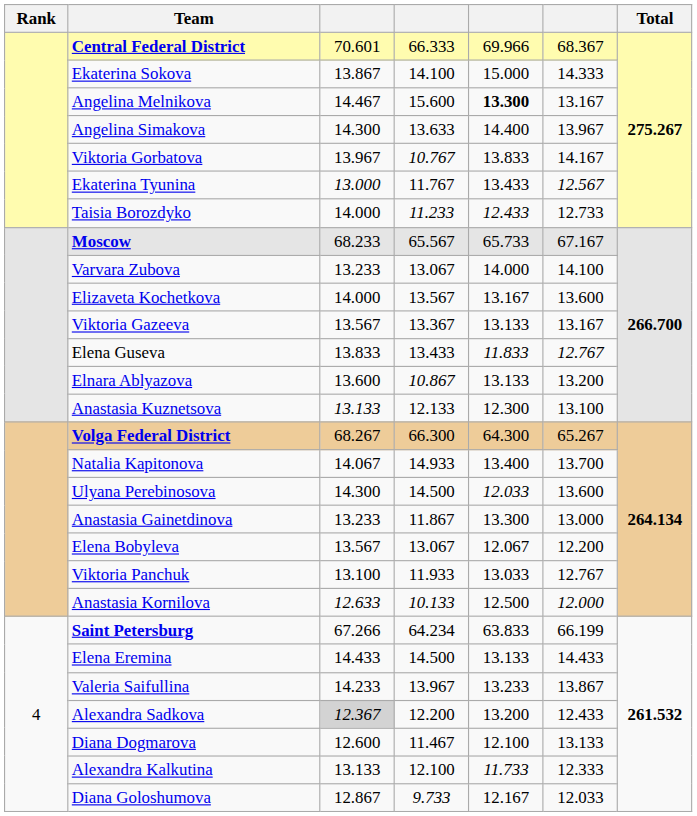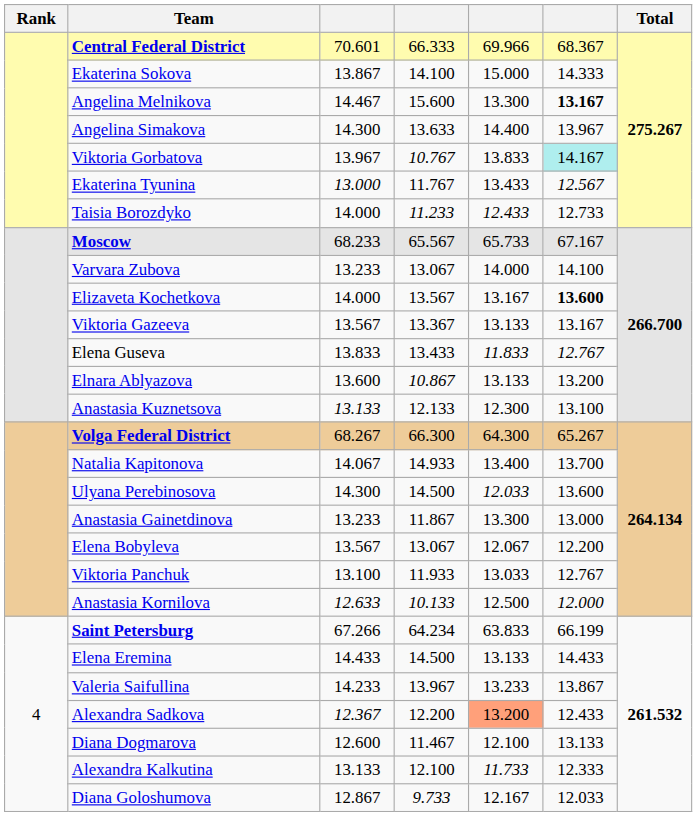 <table class="wikitable" style="text-align:center; font-size:95%">
 <tr>
 <th scope="col" style="width:50px;">Rank</th>
 <th scope="col" style="width:220px;">Team</th>
 <th scope="col" style="width:60px;"></th>
 <th scope="col" style="width:60px;"></th>
 <th scope="col" style="width:60px;"></th>
 <th scope="col" style="width:60px;"></th>
 <th scope="col" style="width:60px;">Total</th>
 </tr>
 <tr style="background:#fffcaf;">
 <td rowspan=7></td>
 <td style="text-align:left;"><strong><a href='#'>Central Federal District</a></strong></td>
 <td>70.601</td>
 <td>66.333</td>
 <td>69.966</td>
 <td>68.367</td>
 <td rowspan=7><strong>275.267</strong></td>
 </tr>
 <tr>
 <td style="text-align:left;"><a href='#'>Ekaterina Sokova</a></td>
 <td>13.867</td>
 <td>14.100</td>
 <td>15.000</td>
 <td>14.333</td>
 </tr>
 <tr>
 <td style="text-align:left;"><a href='#'>Angelina Melnikova</a></td>
 <td>14.467</td>
 <td>15.600</td>
-<td><strong>13.300</strong></td>
-<td>13.167</td>
+<td>13.300</td>
+<td><strong>13.167</strong></td>
 </tr>
 <tr>
 <td style="text-align:left;"><a href='#'>Angelina Simakova</a></td>
 <td>14.300</td>
 <td>13.633</td>
 <td>14.400</td>
 <td>13.967</td>
 </tr>
 <tr>
 <td style="text-align:left;"><a href='#'>Viktoria Gorbatova</a></td>
 <td>13.967</td>
 <td><em>10.767</em></td>
 <td>13.833</td>
-<td>14.167</td>
+<td style="background: paleturquoise;">14.167</td>
 </tr>
 <tr>
 <td style="text-align:left;"><a href='#'>Ekaterina Tyunina</a></td>
 <td><em>13.000</em></td>
 <td>11.767</td>
 <td>13.433</td>
 <td><em>12.567</em></td>
 </tr>
 <tr>
 <td style="text-align:left;"><a href='#'>Taisia Borozdyko</a></td>
 <td>14.000</td>
 <td><em>11.233</em></td>
 <td><em>12.433</em></td>
 <td>12.733</td>
 </tr>
 <tr style="background:#e5e5e5;">
 <td rowspan=7></td>
 <td style="text-align:left;"><strong><a href='#'>Moscow</a></strong></td>
 <td>68.233</td>
 <td>65.567</td>
 <td>65.733</td>
 <td>67.167</td>
 <td rowspan=7><strong>266.700</strong></td>
 </tr>
 <tr>
 <td style="text-align:left;"><a href='#'>Varvara Zubova</a></td>
 <td>13.233</td>
 <td>13.067</td>
 <td>14.000</td>
 <td>14.100</td>
 </tr>
 <tr>
 <td style="text-align:left;"><a href='#'>Elizaveta Kochetkova</a></td>
 <td>14.000</td>
 <td>13.567</td>
 <td>13.167</td>
-<td>13.600</td>
+<td><strong>13.600</strong></td>
 </tr>
 <tr>
 <td style="text-align:left;"><a href='#'>Viktoria Gazeeva</a></td>
 <td>13.567</td>
 <td>13.367</td>
 <td>13.133</td>
 <td>13.167</td>
 </tr>
 <tr>
 <td style="text-align:left;">Elena Guseva</td>
 <td>13.833</td>
 <td>13.433</td>
 <td><em>11.833</em></td>
 <td><em>12.767</em></td>
 </tr>
 <tr>
 <td style="text-align:left;"><a href='#'>Elnara Ablyazova</a></td>
 <td>13.600</td>
 <td><em>10.867</em></td>
 <td>13.133</td>
 <td>13.200</td>
 </tr>
 <tr>
 <td style="text-align:left;"><a href='#'>Anastasia Kuznetsova</a></td>
 <td><em>13.133</em></td>
 <td>12.133</td>
 <td>12.300</td>
 <td>13.100</td>
 </tr>
 <tr style="background:#ec9;">
 <td rowspan=7></td>
 <td style="text-align:left;"><strong><a href='#'>Volga Federal District</a></strong></td>
 <td>68.267</td>
 <td>66.300</td>
 <td>64.300</td>
 <td>65.267</td>
 <td rowspan=7><strong>264.134</strong></td>
 </tr>
 <tr>
 <td style="text-align:left;"><a href='#'>Natalia Kapitonova</a></td>
 <td>14.067</td>
 <td>14.933</td>
 <td>13.400</td>
 <td>13.700</td>
 </tr>
 <tr>
 <td style="text-align:left;"><a href='#'>Ulyana Perebinosova</a></td>
 <td>14.300</td>
 <td>14.500</td>
 <td><em>12.033</em></td>
 <td>13.600</td>
 </tr>
 <tr>
 <td style="text-align:left;"><a href='#'>Anastasia Gainetdinova</a></td>
 <td>13.233</td>
 <td>11.867</td>
 <td>13.300</td>
 <td>13.000</td>
 </tr>
 <tr>
 <td style="text-align:left;"><a href='#'>Elena Bobyleva</a></td>
 <td>13.567</td>
 <td>13.067</td>
 <td>12.067</td>
 <td>12.200</td>
 </tr>
 <tr>
 <td style="text-align:left;"><a href='#'>Viktoria Panchuk</a></td>
 <td>13.100</td>
 <td>11.933</td>
 <td>13.033</td>
 <td>12.767</td>
 </tr>
 <tr>
 <td style="text-align:left;"><a href='#'>Anastasia Kornilova</a></td>
 <td><em>12.633</em></td>
 <td><em>10.133</em></td>
 <td>12.500</td>
 <td><em>12.000</em></td>
 </tr>
 <tr>
 <td rowspan=7>4</td>
 <td style="text-align:left;"><strong><a href='#'>Saint Petersburg</a></strong></td>
 <td>67.266</td>
 <td>64.234</td>
 <td>63.833</td>
 <td>66.199</td>
 <td rowspan=7><strong>261.532</strong></td>
 </tr>
 <tr>
 <td style="text-align:left;"><a href='#'>Elena Eremina</a></td>
 <td>14.433</td>
 <td>14.500</td>
 <td>13.133</td>
 <td>14.433</td>
 </tr>
 <tr>
 <td style="text-align:left;"><a href='#'>Valeria Saifullina</a></td>
 <td>14.233</td>
 <td>13.967</td>
 <td>13.233</td>
 <td>13.867</td>
 </tr>
 <tr>
 <td style="text-align:left;"><a href='#'>Alexandra Sadkova</a></td>
-<td style="background: lightgrey;"><em>12.367</em></td>
+<td><em>12.367</em></td>
 <td>12.200</td>
-<td>13.200</td>
+<td style="background: lightsalmon;">13.200</td>
 <td>12.433</td>
 </tr>
 <tr>
 <td style="text-align:left;"><a href='#'>Diana Dogmarova</a></td>
 <td>12.600</td>
 <td>11.467</td>
 <td>12.100</td>
 <td>13.133</td>
 </tr>
 <tr>
 <td style="text-align:left;"><a href='#'>Alexandra Kalkutina</a></td>
 <td>13.133</td>
 <td>12.100</td>
 <td><em>11.733</em></td>
 <td>12.333</td>
 </tr>
 <tr>
 <td style="text-align:left;"><a href='#'>Diana Goloshumova</a></td>
 <td>12.867</td>
 <td><em>9.733</em></td>
 <td>12.167</td>
 <td>12.033</td>
 </tr>
 </table>
